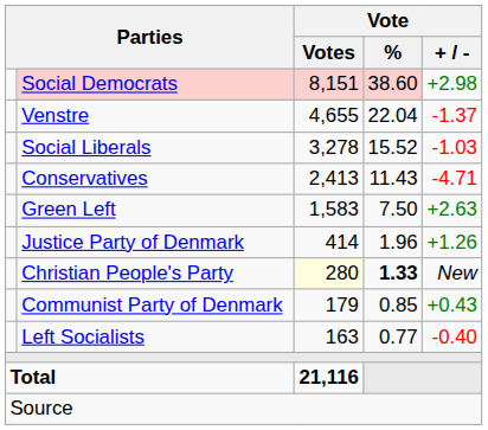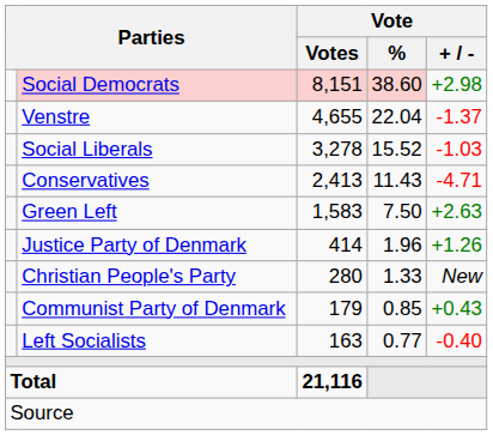 <table class="wikitable" style="text-align:right;">
 <tr>
 <th style="text-align:centre;" rowspan="2" colspan="2" width="225">Parties</th>
 <th colspan="3">Vote</th>
 </tr>
 <tr>
 <th width="15">Votes</th>
 <th width="15">%</th>
 <th width="15">+ / -</th>
 </tr>
 <tr>
 <td width="2" style="color:inherit;background:"></td>
 <td bgcolor=#fbd0ce  align="left"><a href='#'>Social Democrats</a></td>
 <td bgcolor=#fbd0ce>8,151</td>
 <td bgcolor=#fbd0ce>38.60</td>
 <td style=color:green;>+2.98</td>
 </tr>
 <tr>
 <td width="2" style="color:inherit;background:"></td>
 <td align="left"><a href='#'>Venstre</a></td>
 <td>4,655</td>
 <td>22.04</td>
 <td style=color:red;>-1.37</td>
 </tr>
 <tr>
 <td width="2" style="color:inherit;background:"></td>
 <td align="left"><a href='#'>Social Liberals</a></td>
 <td>3,278</td>
 <td>15.52</td>
 <td style=color:red;>-1.03</td>
 </tr>
 <tr>
 <td width="2" style="color:inherit;background:"></td>
 <td align="left"><a href='#'>Conservatives</a></td>
 <td>2,413</td>
 <td>11.43</td>
 <td style=color:red;>-4.71</td>
 </tr>
 <tr>
 <td width="2" style="color:inherit;background:"></td>
 <td align="left"><a href='#'>Green Left</a></td>
 <td>1,583</td>
 <td>7.50</td>
 <td style=color:green;>+2.63</td>
 </tr>
 <tr>
 <td width="2" style="color:inherit;background:"></td>
 <td align="left"><a href='#'>Justice Party of Denmark</a></td>
 <td>414</td>
 <td>1.96</td>
 <td style=color:green;>+1.26</td>
 </tr>
 <tr>
 <td width="2" style="color:inherit;background:"></td>
 <td align="left"><a href='#'>Christian People's Party</a></td>
-<td style="background: lightyellow;">280</td>
-<td><strong>1.33</strong></td>
+<td>280</td>
+<td>1.33</td>
 <td><em>New</em></td>
 </tr>
 <tr>
 <td width="2" style="color:inherit;background:"></td>
 <td align="left"><a href='#'>Communist Party of Denmark</a></td>
 <td>179</td>
 <td>0.85</td>
 <td style=color:green;>+0.43</td>
 </tr>
 <tr>
 <td width="2" style="color:inherit;background:"></td>
 <td align="left"><a href='#'>Left Socialists</a></td>
 <td>163</td>
 <td>0.77</td>
 <td style=color:red;>-0.40</td>
 </tr>
 <tr>
 <td colspan="7" bgcolor="#E9E9E9"></td>
 </tr>
 <tr>
 <td align="left" colspan="2"><strong>Total</strong></td>
 <td><strong>21,116</strong></td>
 <td bgcolor="#E9E9E9" colspan="2"></td>
 </tr>
 <tr>
 <td align="left" colspan="6">Source</td>
 </tr>
 </table>
